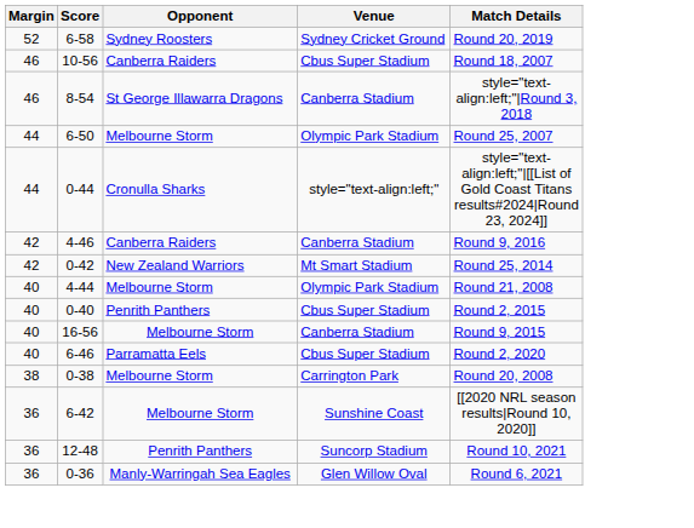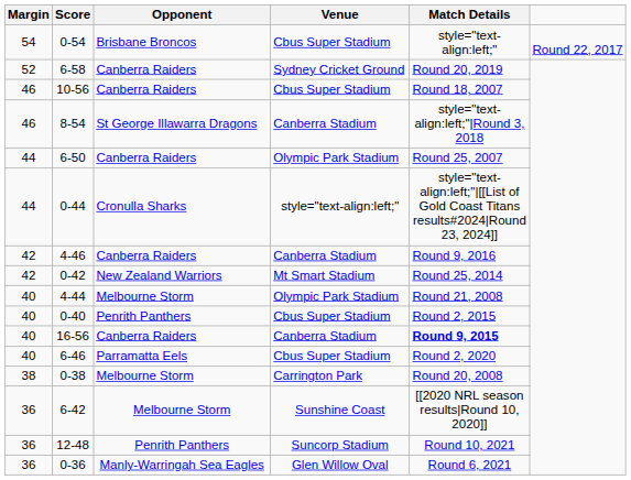 <table class="wikitable" style="text-align:center;">
 <tr>
 <th>Margin</th>
 <th>Score</th>
 <th style="width:13.5em">Opponent</th>
 <th style="width:10.5em">Venue</th>
 <th style="width:9em">Match Details</th>
 </tr>
 <tr>
+<td>54</td>
+<td>0-54</td>
+<td style="text-align:left;"><a href='#'>Brisbane Broncos</a></td>
+<td style="text-align:left;"><a href='#'>Cbus Super Stadium</a></td>
+<td>style="text-align:left;"</td>
+<td><br><a href='#'>Round 22, 2017</a></td>
+</tr>
+<tr>
 <td>52</td>
 <td>6-58</td>
-<td style="text-align:left;"><a href='#'>Sydney Roosters</a></td>
+<td style="text-align:left;"><a href='#'>Canberra Raiders</a></td>
 <td style="text-align:left;"><a href='#'>Sydney Cricket Ground</a></td>
 <td style="text-align:left;"><a href='#'>Round 20, 2019</a></td>
 </tr>
 <tr>
 <td>46</td>
 <td>10-56</td>
 <td style="text-align:left;"><a href='#'>Canberra Raiders</a></td>
 <td style="text-align:left"><a href='#'>Cbus Super Stadium</a></td>
 <td style="text-align:left;"><a href='#'>Round 18, 2007</a></td>
 </tr>
 <tr>
 <td>46</td>
 <td>8-54</td>
 <td style="text-align:left;"><a href='#'>St George Illawarra Dragons</a></td>
 <td style="text-align:left;"><a href='#'>Canberra Stadium</a></td>
 <td>style="text-align:left;"|<a href='#'>Round 3, 2018</a></td>
 </tr>
 <tr>
 <td>44</td>
 <td>6-50</td>
-<td style="text-align:left;"><a href='#'>Melbourne Storm</a></td>
+<td style="text-align:left;"><a href='#'>Canberra Raiders</a></td>
 <td style="text-align:left;"><a href='#'>Olympic Park Stadium</a></td>
 <td style="text-align:left;"><a href='#'>Round 25, 2007</a></td>
 </tr>
 <tr>
 <td>44</td>
 <td>0-44</td>
 <td style="text-align:left;"><a href='#'>Cronulla Sharks</a></td>
 <td>style="text-align:left;"</td>
 <td>style="text-align:left;"|[[List of Gold Coast Titans<br>results#2024|Round 23, 2024]]</td>
 </tr>
 <tr>
 <td>42</td>
 <td>4-46</td>
 <td style="text-align:left;"><a href='#'>Canberra Raiders</a></td>
 <td style="text-align:left;"><a href='#'>Canberra Stadium</a></td>
 <td style="text-align:left;"><a href='#'>Round 9, 2016</a></td>
 </tr>
 <tr>
 <td>42</td>
 <td>0-42</td>
 <td style="text-align:left;"><a href='#'>New Zealand Warriors</a></td>
 <td style="text-align:left;"><a href='#'>Mt Smart Stadium</a></td>
 <td style="text-align:left;"><a href='#'>Round 25, 2014</a></td>
 </tr>
 <tr>
 <td>40</td>
 <td>4-44</td>
 <td style="text-align:left;"><a href='#'>Melbourne Storm</a></td>
 <td style="text-align:left;"><a href='#'>Olympic Park Stadium</a></td>
 <td style="text-align:left;"><a href='#'>Round 21, 2008</a></td>
 </tr>
 <tr>
 <td>40</td>
 <td>0-40</td>
 <td style="text-align:left;"><a href='#'>Penrith Panthers</a></td>
 <td style="text-align:left;"><a href='#'>Cbus Super Stadium</a></td>
 <td style="text-align:left;"><a href='#'>Round 2, 2015</a></td>
 </tr>
 <tr>
 <td>40</td>
 <td>16-56</td>
-<td><a href='#'>Melbourne Storm</a></td>
+<td style="text-align:left;"><a href='#'>Canberra Raiders</a></td>
 <td style="text-align:left;"><a href='#'>Canberra Stadium</a></td>
-<td style="text-align:left;"><a href='#'>Round 9, 2015</a></td>
+<td style="text-align:left;"><strong><a href='#'>Round 9, 2015</a></strong></td>
 </tr>
 <tr>
 <td>40</td>
 <td>6-46</td>
 <td style="text-align:left;"><a href='#'>Parramatta Eels</a></td>
 <td style="text-align:left;"><a href='#'>Cbus Super Stadium</a></td>
 <td style="text-align:left;"><a href='#'>Round 2, 2020</a></td>
 </tr>
 <tr>
 <td>38</td>
 <td>0-38</td>
 <td style="text-align:left;"><a href='#'>Melbourne Storm</a></td>
 <td style="text-align:left;"><a href='#'>Carrington Park</a></td>
 <td style="text-align:left;"><a href='#'>Round 20, 2008</a></td>
 </tr>
 <tr>
 <td>36</td>
 <td>6-42</td>
 <td><a href='#'>Melbourne Storm</a></td>
 <td><a href='#'>Sunshine Coast</a></td>
 <td>[[2020 NRL season<br>results|Round 10, 2020]]</td>
 </tr>
 <tr>
 <td>36</td>
 <td>12-48</td>
 <td><a href='#'>Penrith Panthers</a></td>
 <td><a href='#'>Suncorp Stadium</a></td>
 <td><a href='#'>Round 10, 2021</a></td>
 </tr>
 <tr>
 <td>36</td>
 <td>0-36</td>
 <td><a href='#'>Manly-Warringah Sea Eagles</a></td>
 <td><a href='#'>Glen Willow Oval</a></td>
 <td><a href='#'>Round 6, 2021</a></td>
 </tr>
 </table>
